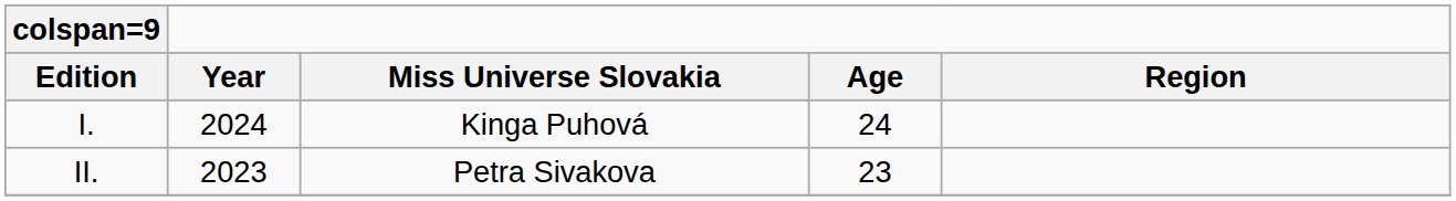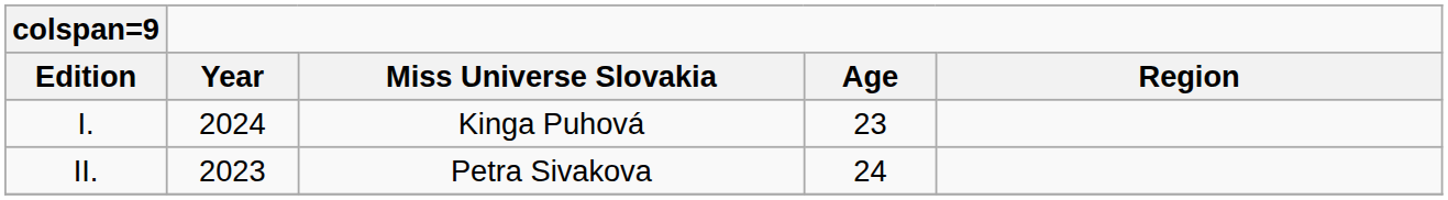 <table class="wikitable sortable" style="font-size: 95%; text-align:center">
 <tr>
 <th>colspan=9 </th>
 </tr>
 <tr>
 <th width="60">Edition</th>
 <th width="60">Year</th>
 <th width="250">Miss Universe Slovakia</th>
 <th width="60">Age</th>
 <th width="250">Region</th>
 </tr>
 <tr>
 <td>I.</td>
 <td>2024</td>
 <td>Kinga Puhová</td>
-<td>24</td>
+<td>23</td>
 <td></td>
 </tr>
 <tr>
 <td>II.</td>
 <td>2023</td>
 <td>Petra Sivakova</td>
-<td>23</td>
+<td>24</td>
 <td></td>
 </tr>
 <tr>
 </tr>
 </table>
